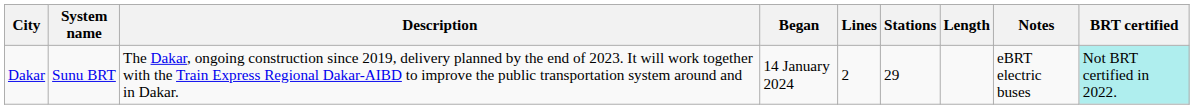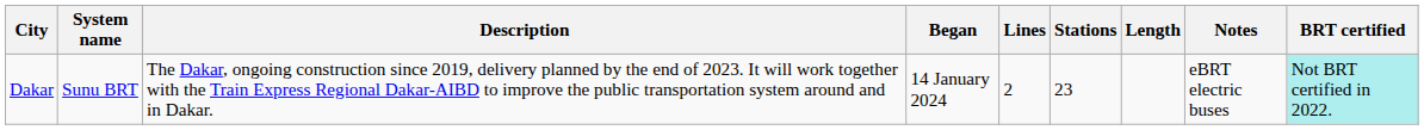 <table class="wikitable">
 <tr>
 <th>City</th>
 <th>System name</th>
 <th>Description</th>
 <th>Began</th>
 <th>Lines</th>
 <th>Stations</th>
 <th>Length</th>
 <th>Notes</th>
 <th>BRT certified</th>
 </tr>
 <tr>
 <td><a href='#'>Dakar</a></td>
 <td><a href='#'>Sunu BRT</a></td>
 <td>The <a href='#'>Dakar</a>, ongoing construction since 2019, delivery planned by the end of 2023. It will work together with the <a href='#'>Train Express Regional Dakar-AIBD</a> to improve the public transportation system around and in Dakar.</td>
 <td>14 January 2024</td>
 <td>2</td>
-<td>29</td>
+<td>23</td>
 <td></td>
 <td>eBRT electric buses</td>
 <td style="background: paleturquoise;">Not BRT certified in 2022.</td>
 </tr>
 </table>
